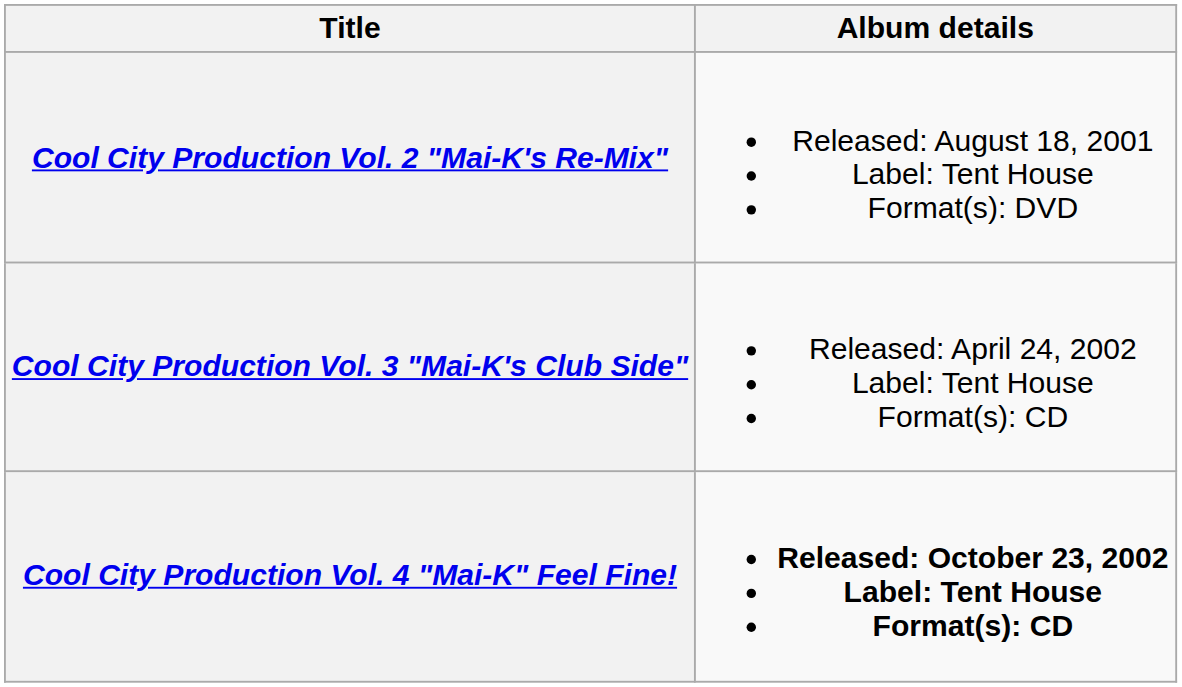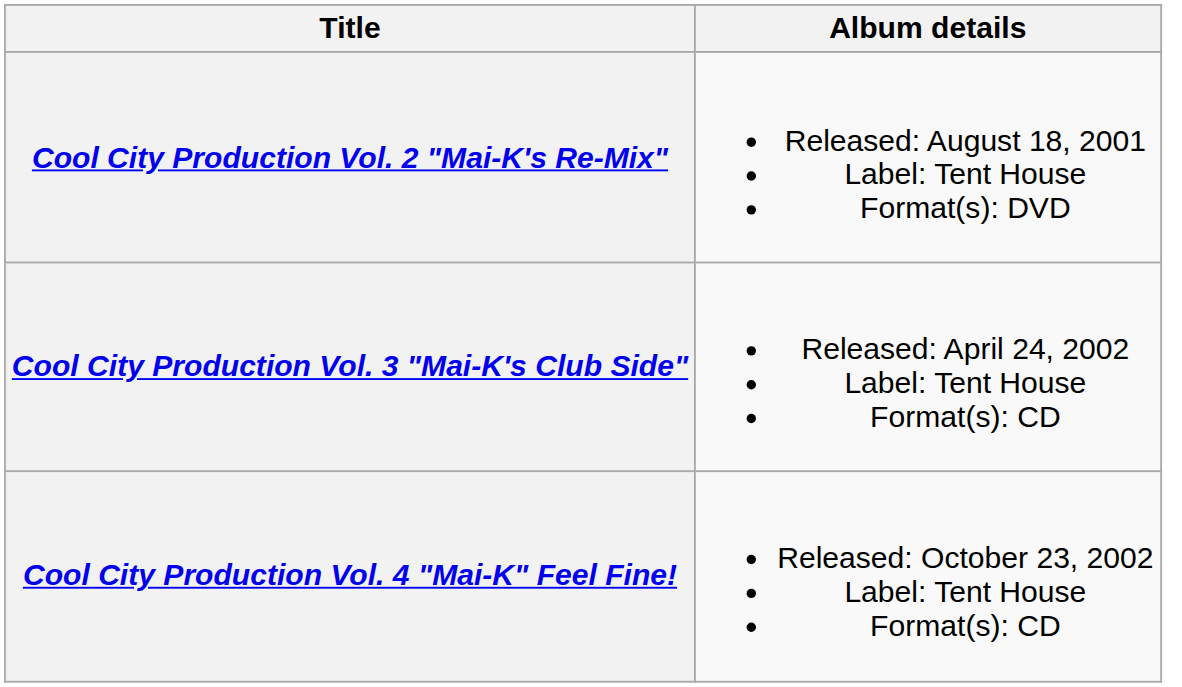 <table class="wikitable plainrowheaders" style="text-align:center;">
 <tr>
 <th>Title</th>
 <th>Album details</th>
 </tr>
 <tr>
 <th scope="row"><em><a href='#'>Cool City Production Vol. 2 "Mai-K's Re-Mix"</a></em></th>
 <td><br><ul><li>Released: August 18, 2001</li><li>Label: Tent House</li><li>Format(s): DVD</li></ul></td>
 </tr>
 <tr>
 <th scope="row"><em><a href='#'>Cool City Production Vol. 3 "Mai-K's Club Side"</a></em></th>
 <td><br><ul><li>Released: April 24, 2002</li><li>Label: Tent House</li><li>Format(s): CD</li></ul></td>
 </tr>
 <tr>
 <th scope="row"><em><a href='#'>Cool City Production Vol. 4 "Mai-K" Feel Fine!</a></em></th>
-<td><strong><br><ul><li>Released: October 23, 2002</li><li>Label: Tent House</li><li>Format(s): CD</li></ul></strong></td>
+<td><br><ul><li>Released: October 23, 2002</li><li>Label: Tent House</li><li>Format(s): CD</li></ul></td>
 </tr>
 </table>
